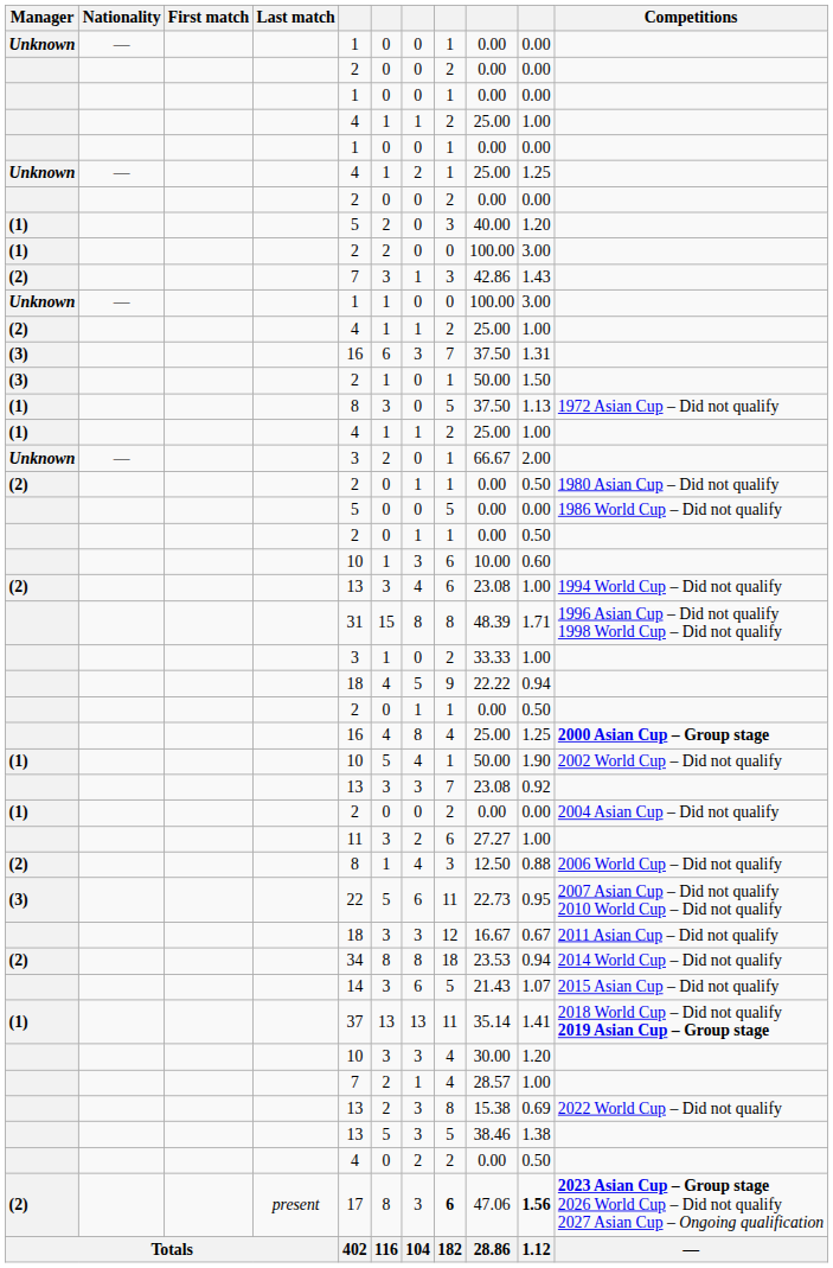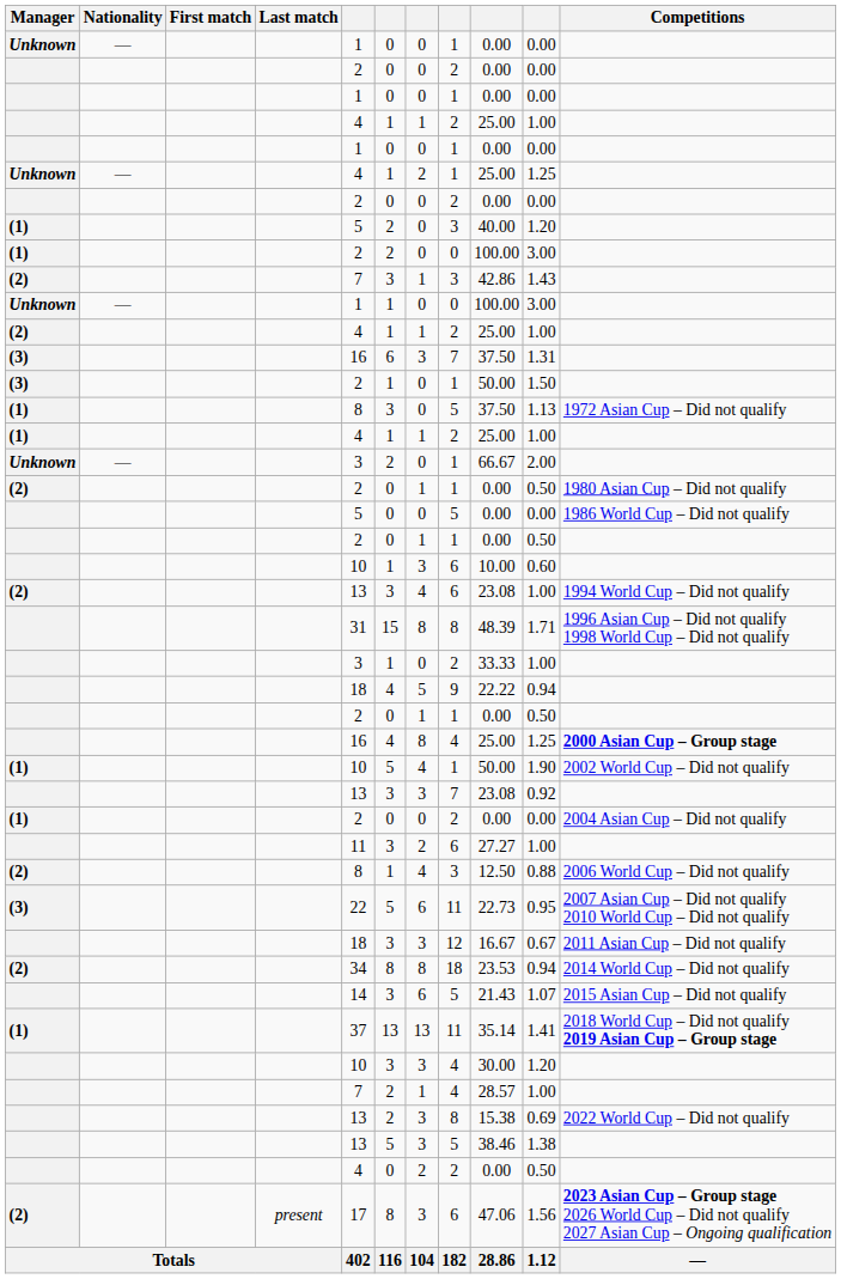 <table class="wikitable sortable plainrowheaders" style="text-align:center;">
 <tr>
 <th scope=col>Manager</th>
 <th scope=col>Nationality</th>
 <th scope=col>First match</th>
 <th scope=col>Last match</th>
 <th scope=col></th>
 <th scope=col></th>
 <th scope=col></th>
 <th scope=col></th>
 <th scope=col></th>
 <th scope=col></th>
 <th scope=col>Competitions</th>
 </tr>
 <tr>
 <th scope=row style="text-align: center;"><em>Unknown</em></th>
 <td style="text-align: center;">—</td>
 <td></td>
 <td></td>
 <td>1</td>
 <td>0</td>
 <td>0</td>
 <td>1</td>
 <td>0.00</td>
 <td>0.00</td>
 <td style="text-align: left;"></td>
 </tr>
 <tr>
 <th scope=row style="text-align: left;"></th>
 <td style="text-align: left;"></td>
 <td></td>
 <td></td>
 <td>2</td>
 <td>0</td>
 <td>0</td>
 <td>2</td>
 <td>0.00</td>
 <td>0.00</td>
 <td style="text-align: left;"></td>
 </tr>
 <tr>
 <th scope=row style="text-align: left;"></th>
 <td style="text-align: left;"></td>
 <td></td>
 <td></td>
 <td>1</td>
 <td>0</td>
 <td>0</td>
 <td>1</td>
 <td>0.00</td>
 <td>0.00</td>
 <td style="text-align: left;"></td>
 </tr>
 <tr>
 <th scope=row style="text-align: left;"></th>
 <td style="text-align: left;"></td>
 <td></td>
 <td></td>
 <td>4</td>
 <td>1</td>
 <td>1</td>
 <td>2</td>
 <td>25.00</td>
 <td>1.00</td>
 <td style="text-align: left;"></td>
 </tr>
 <tr>
 <th scope=row style="text-align: left;"></th>
 <td style="text-align: left;"></td>
 <td></td>
 <td></td>
 <td>1</td>
 <td>0</td>
 <td>0</td>
 <td>1</td>
 <td>0.00</td>
 <td>0.00</td>
 <td style="text-align: left;"></td>
 </tr>
 <tr>
 <th scope=row style="text-align: center;"><em>Unknown</em></th>
 <td style="text-align: center;">—</td>
 <td></td>
 <td></td>
 <td>4</td>
 <td>1</td>
 <td>2</td>
 <td>1</td>
 <td>25.00</td>
 <td>1.25</td>
 <td style="text-align: left;"></td>
 </tr>
 <tr>
 <th scope=row style="text-align: left;"></th>
 <td style="text-align: left;"></td>
 <td></td>
 <td></td>
 <td>2</td>
 <td>0</td>
 <td>0</td>
 <td>2</td>
 <td>0.00</td>
 <td>0.00</td>
 <td style="text-align: left;"></td>
 </tr>
 <tr>
 <th scope=row style="text-align: left;"> (1)</th>
 <td style="text-align: left;"></td>
 <td></td>
 <td></td>
 <td>5</td>
 <td>2</td>
 <td>0</td>
 <td>3</td>
 <td>40.00</td>
 <td>1.20</td>
 <td style="text-align: left;"></td>
 </tr>
 <tr>
 <th scope=row style="text-align: left;"> (1)</th>
 <td style="text-align: left;"></td>
 <td></td>
 <td></td>
 <td>2</td>
 <td>2</td>
 <td>0</td>
 <td>0</td>
 <td>100.00</td>
 <td>3.00</td>
 <td style="text-align: left;"></td>
 </tr>
 <tr>
 <th scope=row style="text-align: left;"> (2)</th>
 <td style="text-align: left;"></td>
 <td></td>
 <td></td>
 <td>7</td>
 <td>3</td>
 <td>1</td>
 <td>3</td>
 <td>42.86</td>
 <td>1.43</td>
 <td style="text-align: left;"></td>
 </tr>
 <tr>
 <th scope=row style="text-align: center;"><em>Unknown</em></th>
 <td style="text-align: center;">—</td>
 <td></td>
 <td></td>
 <td>1</td>
 <td>1</td>
 <td>0</td>
 <td>0</td>
 <td>100.00</td>
 <td>3.00</td>
 <td style="text-align: left;"></td>
 </tr>
 <tr>
 <th scope=row style="text-align: left;"> (2)</th>
 <td style="text-align: left;"></td>
 <td></td>
 <td></td>
 <td>4</td>
 <td>1</td>
 <td>1</td>
 <td>2</td>
 <td>25.00</td>
 <td>1.00</td>
 <td style="text-align: left;"></td>
 </tr>
 <tr>
 <th scope="row" style="text-align: left;"> (3)</th>
 <td style="text-align: left;"></td>
 <td></td>
 <td></td>
 <td>16</td>
 <td>6</td>
 <td>3</td>
 <td>7</td>
 <td>37.50</td>
 <td>1.31</td>
 <td style="text-align: left;"></td>
 </tr>
 <tr>
 <th scope=row style="text-align: left;"> (3)</th>
 <td style="text-align: left;"></td>
 <td></td>
 <td></td>
 <td>2</td>
 <td>1</td>
 <td>0</td>
 <td>1</td>
 <td>50.00</td>
 <td>1.50</td>
 <td style="text-align: left;"></td>
 </tr>
 <tr>
 <th scope=row style="text-align: left;"> (1)</th>
 <td style="text-align: left;"></td>
 <td></td>
 <td></td>
 <td>8</td>
 <td>3</td>
 <td>0</td>
 <td>5</td>
 <td>37.50</td>
 <td>1.13</td>
 <td style="text-align: left;"><a href='#'>1972 Asian Cup</a> – Did not qualify</td>
 </tr>
 <tr>
 <th scope=row style="text-align: left;"> (1)</th>
 <td style="text-align: left;"></td>
 <td></td>
 <td></td>
 <td>4</td>
 <td>1</td>
 <td>1</td>
 <td>2</td>
 <td>25.00</td>
 <td>1.00</td>
 <td style="text-align: left;"></td>
 </tr>
 <tr>
 <th scope=row style="text-align: center;"><em>Unknown</em></th>
 <td style="text-align: center;">—</td>
 <td></td>
 <td></td>
 <td>3</td>
 <td>2</td>
 <td>0</td>
 <td>1</td>
 <td>66.67</td>
 <td>2.00</td>
 <td style="text-align: left;"></td>
 </tr>
 <tr>
 <th scope=row style="text-align: left;"> (2)</th>
 <td style="text-align: left;"></td>
 <td></td>
 <td></td>
 <td>2</td>
 <td>0</td>
 <td>1</td>
 <td>1</td>
 <td>0.00</td>
 <td>0.50</td>
 <td style="text-align: left;"><a href='#'>1980 Asian Cup</a> – Did not qualify</td>
 </tr>
 <tr>
 <th scope=row style="text-align: left;"></th>
 <td style="text-align: left;"></td>
 <td></td>
 <td></td>
 <td>5</td>
 <td>0</td>
 <td>0</td>
 <td>5</td>
 <td>0.00</td>
 <td>0.00</td>
 <td style="text-align: left;"><a href='#'>1986 World Cup</a> – Did not qualify</td>
 </tr>
 <tr>
 <th scope=row style="text-align: left;"></th>
 <td style="text-align: left;"></td>
 <td></td>
 <td></td>
 <td>2</td>
 <td>0</td>
 <td>1</td>
 <td>1</td>
 <td>0.00</td>
 <td>0.50</td>
 <td style="text-align: left;"></td>
 </tr>
 <tr>
 <th scope=row style="text-align: left;"></th>
 <td style="text-align: left;"></td>
 <td></td>
 <td></td>
 <td>10</td>
 <td>1</td>
 <td>3</td>
 <td>6</td>
 <td>10.00</td>
 <td>0.60</td>
 <td style="text-align: left;"></td>
 </tr>
 <tr>
 <th scope=row style="text-align: left;"> (2)</th>
 <td style="text-align: left;"></td>
 <td></td>
 <td></td>
 <td>13</td>
 <td>3</td>
 <td>4</td>
 <td>6</td>
 <td>23.08</td>
 <td>1.00</td>
 <td style="text-align: left;"><a href='#'>1994 World Cup</a> – Did not qualify</td>
 </tr>
 <tr>
 <th scope=row style="text-align: left;"></th>
 <td style="text-align: left;"></td>
 <td></td>
 <td></td>
 <td>31</td>
 <td>15</td>
 <td>8</td>
 <td>8</td>
 <td>48.39</td>
 <td>1.71</td>
 <td style="text-align: left;"><a href='#'>1996 Asian Cup</a> – Did not qualify<br><a href='#'>1998 World Cup</a> – Did not qualify</td>
 </tr>
 <tr>
 <th scope=row style="text-align: left;"></th>
 <td style="text-align: left;"></td>
 <td></td>
 <td></td>
 <td>3</td>
 <td>1</td>
 <td>0</td>
 <td>2</td>
 <td>33.33</td>
 <td>1.00</td>
 <td style="text-align: left;"></td>
 </tr>
 <tr>
 <th scope=row style="text-align: left;"></th>
 <td style="text-align: left;"></td>
 <td></td>
 <td></td>
 <td>18</td>
 <td>4</td>
 <td>5</td>
 <td>9</td>
 <td>22.22</td>
 <td>0.94</td>
 <td style="text-align: left;"></td>
 </tr>
 <tr>
 <th scope=row style="text-align: left;"></th>
 <td style="text-align: left;"></td>
 <td></td>
 <td></td>
 <td>2</td>
 <td>0</td>
 <td>1</td>
 <td>1</td>
 <td>0.00</td>
 <td>0.50</td>
 <td style="text-align: left;"></td>
 </tr>
 <tr>
 <th scope=row style="text-align: left;"></th>
 <td style="text-align: left;"></td>
 <td></td>
 <td></td>
 <td>16</td>
 <td>4</td>
 <td>8</td>
 <td>4</td>
 <td>25.00</td>
 <td>1.25</td>
 <td style="text-align: left;"><strong><a href='#'>2000 Asian Cup</a> – Group stage</strong></td>
 </tr>
 <tr>
 <th scope=row style="text-align: left;"> (1)</th>
 <td style="text-align: left;"></td>
 <td></td>
 <td></td>
 <td>10</td>
 <td>5</td>
 <td>4</td>
 <td>1</td>
 <td>50.00</td>
 <td>1.90</td>
 <td style="text-align: left;"><a href='#'>2002 World Cup</a> – Did not qualify</td>
 </tr>
 <tr>
 <th scope=row style="text-align: left;"></th>
 <td style="text-align: left;"></td>
 <td></td>
 <td></td>
 <td>13</td>
 <td>3</td>
 <td>3</td>
 <td>7</td>
 <td>23.08</td>
 <td>0.92</td>
 <td style="text-align: left;"></td>
 </tr>
 <tr>
 <th scope=row style="text-align: left;"> (1)</th>
 <td style="text-align: left;"></td>
 <td></td>
 <td></td>
 <td>2</td>
 <td>0</td>
 <td>0</td>
 <td>2</td>
 <td>0.00</td>
 <td>0.00</td>
 <td style="text-align: left;"><a href='#'>2004 Asian Cup</a> – Did not qualify</td>
 </tr>
 <tr>
 <th scope=row style="text-align: left;"></th>
 <td style="text-align: left;"></td>
 <td></td>
 <td></td>
 <td>11</td>
 <td>3</td>
 <td>2</td>
 <td>6</td>
 <td>27.27</td>
 <td>1.00</td>
 <td style="text-align: left;"></td>
 </tr>
 <tr>
 <th scope=row style="text-align: left;"> (2)</th>
 <td style="text-align: left;"></td>
 <td></td>
 <td></td>
 <td>8</td>
 <td>1</td>
 <td>4</td>
 <td>3</td>
 <td>12.50</td>
 <td>0.88</td>
 <td style="text-align: left;"><a href='#'>2006 World Cup</a> – Did not qualify</td>
 </tr>
 <tr>
 <th scope=row style="text-align: left;"> (3)</th>
 <td style="text-align: left;"></td>
 <td></td>
 <td></td>
 <td>22</td>
 <td>5</td>
 <td>6</td>
 <td>11</td>
 <td>22.73</td>
 <td>0.95</td>
 <td style="text-align: left;"><a href='#'>2007 Asian Cup</a> – Did not qualify<br><a href='#'>2010 World Cup</a> – Did not qualify</td>
 </tr>
 <tr>
 <th scope=row style="text-align: left;"></th>
 <td style="text-align: left;"></td>
 <td></td>
 <td></td>
 <td>18</td>
 <td>3</td>
 <td>3</td>
 <td>12</td>
 <td>16.67</td>
 <td>0.67</td>
 <td style="text-align: left;"><a href='#'>2011 Asian Cup</a> – Did not qualify</td>
 </tr>
 <tr>
 <th scope=row style="text-align: left;"> (2)</th>
 <td style="text-align: left;"></td>
 <td></td>
 <td></td>
 <td>34</td>
 <td>8</td>
 <td>8</td>
 <td>18</td>
 <td>23.53</td>
 <td>0.94</td>
 <td style="text-align: left;"><a href='#'>2014 World Cup</a> – Did not qualify</td>
 </tr>
 <tr>
 <th scope=row style="text-align: left;"></th>
 <td style="text-align: left;"></td>
 <td></td>
 <td></td>
 <td>14</td>
 <td>3</td>
 <td>6</td>
 <td>5</td>
 <td>21.43</td>
 <td>1.07</td>
 <td style="text-align: left;"><a href='#'>2015 Asian Cup</a> – Did not qualify</td>
 </tr>
 <tr>
 <th scope=row style="text-align: left;"> (1)</th>
 <td style="text-align: left;"></td>
 <td></td>
 <td></td>
 <td>37</td>
 <td>13</td>
 <td>13</td>
 <td>11</td>
 <td>35.14</td>
 <td>1.41</td>
 <td style="text-align: left;"><a href='#'>2018 World Cup</a> – Did not qualify<br><strong><a href='#'>2019 Asian Cup</a> – Group stage</strong></td>
 </tr>
 <tr>
 <th scope=row style="text-align: left;"></th>
 <td style="text-align: left;"></td>
 <td></td>
 <td></td>
 <td>10</td>
 <td>3</td>
 <td>3</td>
 <td>4</td>
 <td>30.00</td>
 <td>1.20</td>
 <td style="text-align: left;"></td>
 </tr>
 <tr>
 <th scope=row style="text-align: left;"></th>
 <td style="text-align: left;"></td>
 <td></td>
 <td></td>
 <td>7</td>
 <td>2</td>
 <td>1</td>
 <td>4</td>
 <td>28.57</td>
 <td>1.00</td>
 <td style="text-align: left;"></td>
 </tr>
 <tr>
 <th scope=row style="text-align: left;"></th>
 <td style="text-align: left;"></td>
 <td></td>
 <td></td>
 <td>13</td>
 <td>2</td>
 <td>3</td>
 <td>8</td>
 <td>15.38</td>
 <td>0.69</td>
 <td style="text-align: left;"><a href='#'>2022 World Cup</a> – Did not qualify</td>
 </tr>
 <tr>
 <th scope=row style="text-align: left;"></th>
 <td style="text-align: left;"></td>
 <td></td>
 <td></td>
 <td>13</td>
 <td>5</td>
 <td>3</td>
 <td>5</td>
 <td>38.46</td>
 <td>1.38</td>
 <td style="text-align: left;"></td>
 </tr>
 <tr>
 <th scope=row style="text-align: left;"></th>
 <td style="text-align: left;"></td>
 <td></td>
 <td></td>
 <td>4</td>
 <td>0</td>
 <td>2</td>
 <td>2</td>
 <td>0.00</td>
 <td>0.50</td>
 <td style="text-align: left;"></td>
 </tr>
 <tr>
 <th scope=row style="text-align: left;"> (2)</th>
 <td style="text-align: left;"></td>
 <td></td>
 <td><em>present</em></td>
 <td>17</td>
 <td>8</td>
 <td>3</td>
-<td><strong>6</strong></td>
+<td>6</td>
 <td>47.06</td>
-<td><strong>1.56</strong></td>
+<td>1.56</td>
 <td style="text-align: left;"><strong><a href='#'>2023 Asian Cup</a> – Group stage</strong><br><a href='#'>2026 World Cup</a> – Did not qualify<br><a href='#'>2027 Asian Cup</a> – <em>Ongoing qualification</em></td>
 </tr>
 <tr>
 <th colspan="4">Totals</th>
 <th>402</th>
 <th>116</th>
 <th>104</th>
 <th>182</th>
 <th>28.86</th>
 <th>1.12</th>
 <th>—</th>
 </tr>
 </table>
